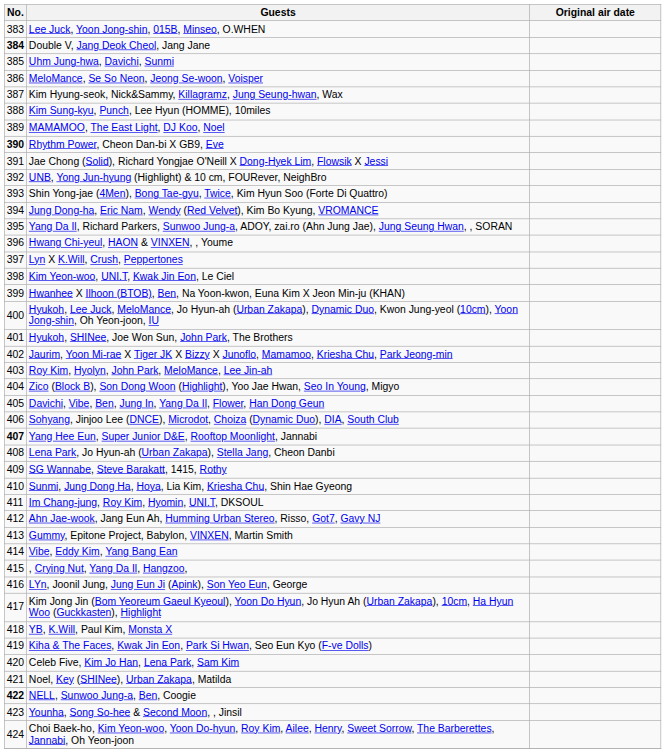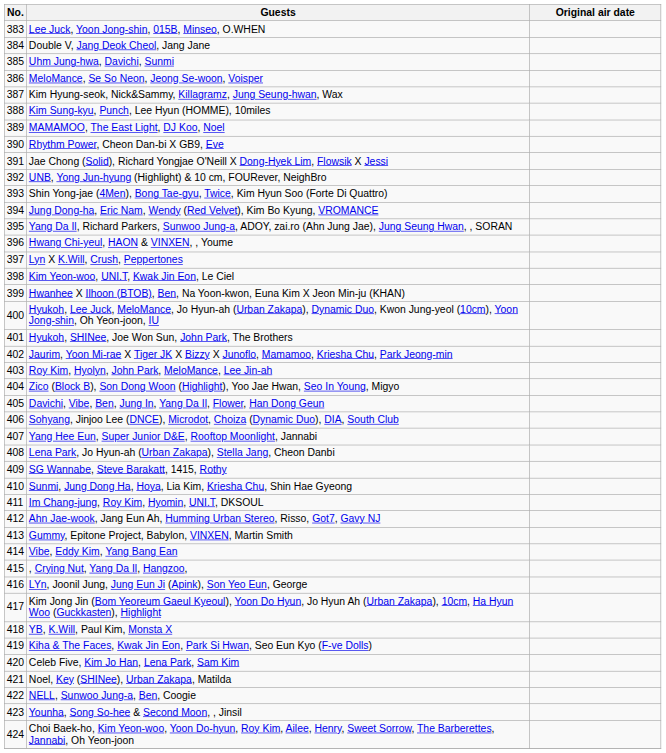 <table class="wikitable" style="width:80%; style="text-align:center" margin:auto; background:#FFFFFF;">
 <tr>
 <th>No.</th>
 <th>Guests</th>
 <th width="20%">Original air date</th>
 </tr>
 <tr>
 <td>383</td>
 <td><a href='#'>Lee Juck</a>, <a href='#'>Yoon Jong-shin</a>, <a href='#'>015B</a>, <a href='#'>Minseo</a>, O.WHEN</td>
 <td></td>
 </tr>
 <tr>
-<td><strong>384</strong></td>
+<td>384</td>
 <td>Double V, <a href='#'>Jang Deok Cheol</a>, Jang Jane</td>
 <td></td>
 </tr>
 <tr>
 <td>385</td>
 <td><a href='#'>Uhm Jung-hwa</a>, <a href='#'>Davichi</a>, <a href='#'>Sunmi</a></td>
 <td></td>
 </tr>
 <tr>
 <td>386</td>
 <td><a href='#'>MeloMance</a>, <a href='#'>Se So Neon</a>, <a href='#'>Jeong Se-woon</a>, <a href='#'>Voisper</a></td>
 <td></td>
 </tr>
 <tr>
 <td>387</td>
 <td>Kim Hyung-seok, Nick&Sammy, <a href='#'>Killagramz</a>, <a href='#'>Jung Seung-hwan</a>, Wax</td>
 <td></td>
 </tr>
 <tr>
 <td>388</td>
 <td><a href='#'>Kim Sung-kyu</a>, <a href='#'>Punch</a>, Lee Hyun (HOMME), 10miles</td>
 <td></td>
 </tr>
 <tr>
 <td>389</td>
 <td><a href='#'>MAMAMOO</a>, <a href='#'>The East Light</a>, <a href='#'>DJ Koo</a>, <a href='#'>Noel</a></td>
 <td></td>
 </tr>
 <tr>
-<td><strong>390</strong></td>
+<td>390</td>
 <td><a href='#'>Rhythm Power</a>, Cheon Dan-bi X GB9, <a href='#'>Eve</a></td>
 <td></td>
 </tr>
 <tr>
 <td>391</td>
 <td>Jae Chong (<a href='#'>Solid</a>), Richard Yongjae O'Neill X <a href='#'>Dong-Hyek Lim</a>, <a href='#'>Flowsik</a> X <a href='#'>Jessi</a></td>
 <td></td>
 </tr>
 <tr>
 <td>392</td>
 <td><a href='#'>UNB</a>, <a href='#'>Yong Jun-hyung</a> (Highlight) & 10 cm, FOURever, NeighBro</td>
 <td></td>
 </tr>
 <tr>
 <td>393</td>
 <td>Shin Yong-jae (<a href='#'>4Men</a>), <a href='#'>Bong Tae-gyu</a>, <a href='#'>Twice</a>, Kim Hyun Soo (Forte Di Quattro)</td>
 <td></td>
 </tr>
 <tr>
 <td>394</td>
 <td><a href='#'>Jung Dong-ha</a>, <a href='#'>Eric Nam</a>, <a href='#'>Wendy</a> (<a href='#'>Red Velvet</a>), Kim Bo Kyung, <a href='#'>VROMANCE</a></td>
 <td></td>
 </tr>
 <tr>
 <td>395</td>
 <td><a href='#'>Yang Da Il</a>, Richard Parkers, <a href='#'>Sunwoo Jung-a</a>, ADOY, zai.ro (Ahn Jung Jae), <a href='#'>Jung Seung Hwan</a>, , SORAN</td>
 <td></td>
 </tr>
 <tr>
 <td>396</td>
 <td><a href='#'>Hwang Chi-yeul</a>, <a href='#'>HAON</a> & <a href='#'>VINXEN</a>, , Youme</td>
 <td></td>
 </tr>
 <tr>
 <td>397</td>
 <td><a href='#'>Lyn</a> X <a href='#'>K.Will</a>, <a href='#'>Crush</a>, <a href='#'>Peppertones</a></td>
 <td></td>
 </tr>
 <tr>
 <td>398</td>
 <td><a href='#'>Kim Yeon-woo</a>, <a href='#'>UNI.T</a>, <a href='#'>Kwak Jin Eon</a>, Le Ciel</td>
 <td></td>
 </tr>
 <tr>
 <td>399</td>
 <td><a href='#'>Hwanhee</a> X <a href='#'>Ilhoon (BTOB)</a>, <a href='#'>Ben</a>, Na Yoon-kwon, Euna Kim X Jeon Min-ju (KHAN)</td>
 <td></td>
 </tr>
 <tr>
 <td>400</td>
 <td><a href='#'>Hyukoh</a>, <a href='#'>Lee Juck</a>, <a href='#'>MeloMance</a>, Jo Hyun-ah (<a href='#'>Urban Zakapa</a>), <a href='#'>Dynamic Duo</a>, Kwon Jung-yeol (<a href='#'>10cm</a>), <a href='#'>Yoon Jong-shin</a>, Oh Yeon-joon, <a href='#'>IU</a></td>
 <td></td>
 </tr>
 <tr>
 <td>401</td>
 <td><a href='#'>Hyukoh</a>, <a href='#'>SHINee</a>, Joe Won Sun, <a href='#'>John Park</a>, The Brothers</td>
 <td></td>
 </tr>
 <tr>
 <td>402</td>
 <td><a href='#'>Jaurim</a>, <a href='#'>Yoon Mi-rae</a> X <a href='#'>Tiger JK</a> X <a href='#'>Bizzy</a> X <a href='#'>Junoflo</a>, <a href='#'>Mamamoo</a>, <a href='#'>Kriesha Chu</a>, <a href='#'>Park Jeong-min</a></td>
 <td></td>
 </tr>
 <tr>
 <td>403</td>
 <td><a href='#'>Roy Kim</a>, <a href='#'>Hyolyn</a>, <a href='#'>John Park</a>, <a href='#'>MeloMance</a>, <a href='#'>Lee Jin-ah</a></td>
 <td></td>
 </tr>
 <tr>
 <td>404</td>
 <td><a href='#'>Zico</a> (<a href='#'>Block B</a>), <a href='#'>Son Dong Woon</a> (<a href='#'>Highlight</a>), Yoo Jae Hwan, <a href='#'>Seo In Young</a>, Migyo</td>
 <td></td>
 </tr>
 <tr>
 <td>405</td>
 <td><a href='#'>Davichi</a>, <a href='#'>Vibe</a>, <a href='#'>Ben</a>, <a href='#'>Jung In</a>, <a href='#'>Yang Da Il</a>, <a href='#'>Flower</a>, <a href='#'>Han Dong Geun</a></td>
 <td></td>
 </tr>
 <tr>
 <td>406</td>
 <td><a href='#'>Sohyang</a>, Jinjoo Lee (<a href='#'>DNCE</a>), <a href='#'>Microdot</a>, <a href='#'>Choiza</a> (<a href='#'>Dynamic Duo</a>), <a href='#'>DIA</a>, <a href='#'>South Club</a></td>
 <td></td>
 </tr>
 <tr>
-<td><strong>407</strong></td>
+<td>407</td>
 <td><a href='#'>Yang Hee Eun</a>, <a href='#'>Super Junior D&E</a>, <a href='#'>Rooftop Moonlight</a>, Jannabi</td>
 <td></td>
 </tr>
 <tr>
 <td>408</td>
 <td><a href='#'>Lena Park</a>, Jo Hyun-ah (<a href='#'>Urban Zakapa</a>), <a href='#'>Stella Jang</a>, Cheon Danbi</td>
 <td></td>
 </tr>
 <tr>
 <td>409</td>
 <td><a href='#'>SG Wannabe</a>, <a href='#'>Steve Barakatt</a>, 1415, <a href='#'>Rothy</a></td>
 <td></td>
 </tr>
 <tr>
 <td>410</td>
 <td><a href='#'>Sunmi</a>, <a href='#'>Jung Dong Ha</a>, <a href='#'>Hoya</a>, Lia Kim, <a href='#'>Kriesha Chu</a>, Shin Hae Gyeong</td>
 <td></td>
 </tr>
 <tr>
 <td>411</td>
 <td><a href='#'>Im Chang-jung</a>, <a href='#'>Roy Kim</a>, <a href='#'>Hyomin</a>, <a href='#'>UNI.T</a>, DKSOUL</td>
 <td></td>
 </tr>
 <tr>
 <td>412</td>
 <td><a href='#'>Ahn Jae-wook</a>, Jang Eun Ah, <a href='#'>Humming Urban Stereo</a>, Risso, <a href='#'>Got7</a>, <a href='#'>Gavy NJ</a></td>
 <td></td>
 </tr>
 <tr>
 <td>413</td>
 <td><a href='#'>Gummy</a>, Epitone Project, Babylon, <a href='#'>VINXEN</a>, Martin Smith</td>
 <td></td>
 </tr>
 <tr>
 <td>414</td>
 <td><a href='#'>Vibe</a>, <a href='#'>Eddy Kim</a>, <a href='#'>Yang Bang Ean</a></td>
 <td></td>
 </tr>
 <tr>
 <td>415</td>
 <td>, <a href='#'>Crying Nut</a>, <a href='#'>Yang Da Il</a>, <a href='#'>Hangzoo</a>,</td>
 <td></td>
 </tr>
 <tr>
 <td>416</td>
 <td><a href='#'>LYn</a>, Joonil Jung, <a href='#'>Jung Eun Ji</a> (<a href='#'>Apink</a>), <a href='#'>Son Yeo Eun</a>, George</td>
 <td></td>
 </tr>
 <tr>
 <td>417</td>
 <td>Kim Jong Jin (<a href='#'>Bom Yeoreum Gaeul Kyeoul</a>), <a href='#'>Yoon Do Hyun</a>, Jo Hyun Ah (<a href='#'>Urban Zakapa</a>), <a href='#'>10cm</a>, <a href='#'>Ha Hyun Woo</a> (<a href='#'>Guckkasten</a>), <a href='#'>Highlight</a></td>
 <td></td>
 </tr>
 <tr>
 <td>418</td>
 <td><a href='#'>YB</a>, <a href='#'>K.Will</a>, Paul Kim, <a href='#'>Monsta X</a></td>
 <td></td>
 </tr>
 <tr>
 <td>419</td>
 <td><a href='#'>Kiha & The Faces</a>, <a href='#'>Kwak Jin Eon</a>, <a href='#'>Park Si Hwan</a>, Seo Eun Kyo (<a href='#'>F-ve Dolls</a>)</td>
 <td></td>
 </tr>
 <tr>
 <td>420</td>
 <td>Celeb Five, <a href='#'>Kim Jo Han</a>, <a href='#'>Lena Park</a>, <a href='#'>Sam Kim</a></td>
 <td></td>
 </tr>
 <tr>
 <td>421</td>
 <td>Noel, <a href='#'>Key</a> (<a href='#'>SHINee</a>), <a href='#'>Urban Zakapa</a>, Matilda</td>
 <td></td>
 </tr>
 <tr>
-<td><strong>422</strong></td>
+<td>422</td>
 <td><a href='#'>NELL</a>, <a href='#'>Sunwoo Jung-a</a>, <a href='#'>Ben</a>, Coogie</td>
 <td></td>
 </tr>
 <tr>
 <td>423</td>
 <td><a href='#'>Younha</a>, <a href='#'>Song So-hee</a> & <a href='#'>Second Moon</a>, , Jinsil</td>
 <td></td>
 </tr>
 <tr>
 <td>424</td>
 <td>Choi Baek-ho, <a href='#'>Kim Yeon-woo</a>, <a href='#'>Yoon Do-hyun</a>, <a href='#'>Roy Kim</a>, <a href='#'>Ailee</a>, <a href='#'>Henry</a>, <a href='#'>Sweet Sorrow</a>, <a href='#'>The Barberettes</a>, <a href='#'>Jannabi</a>, Oh Yeon-joon</td>
 <td></td>
 </tr>
 <tr>
 </tr>
 </table>
